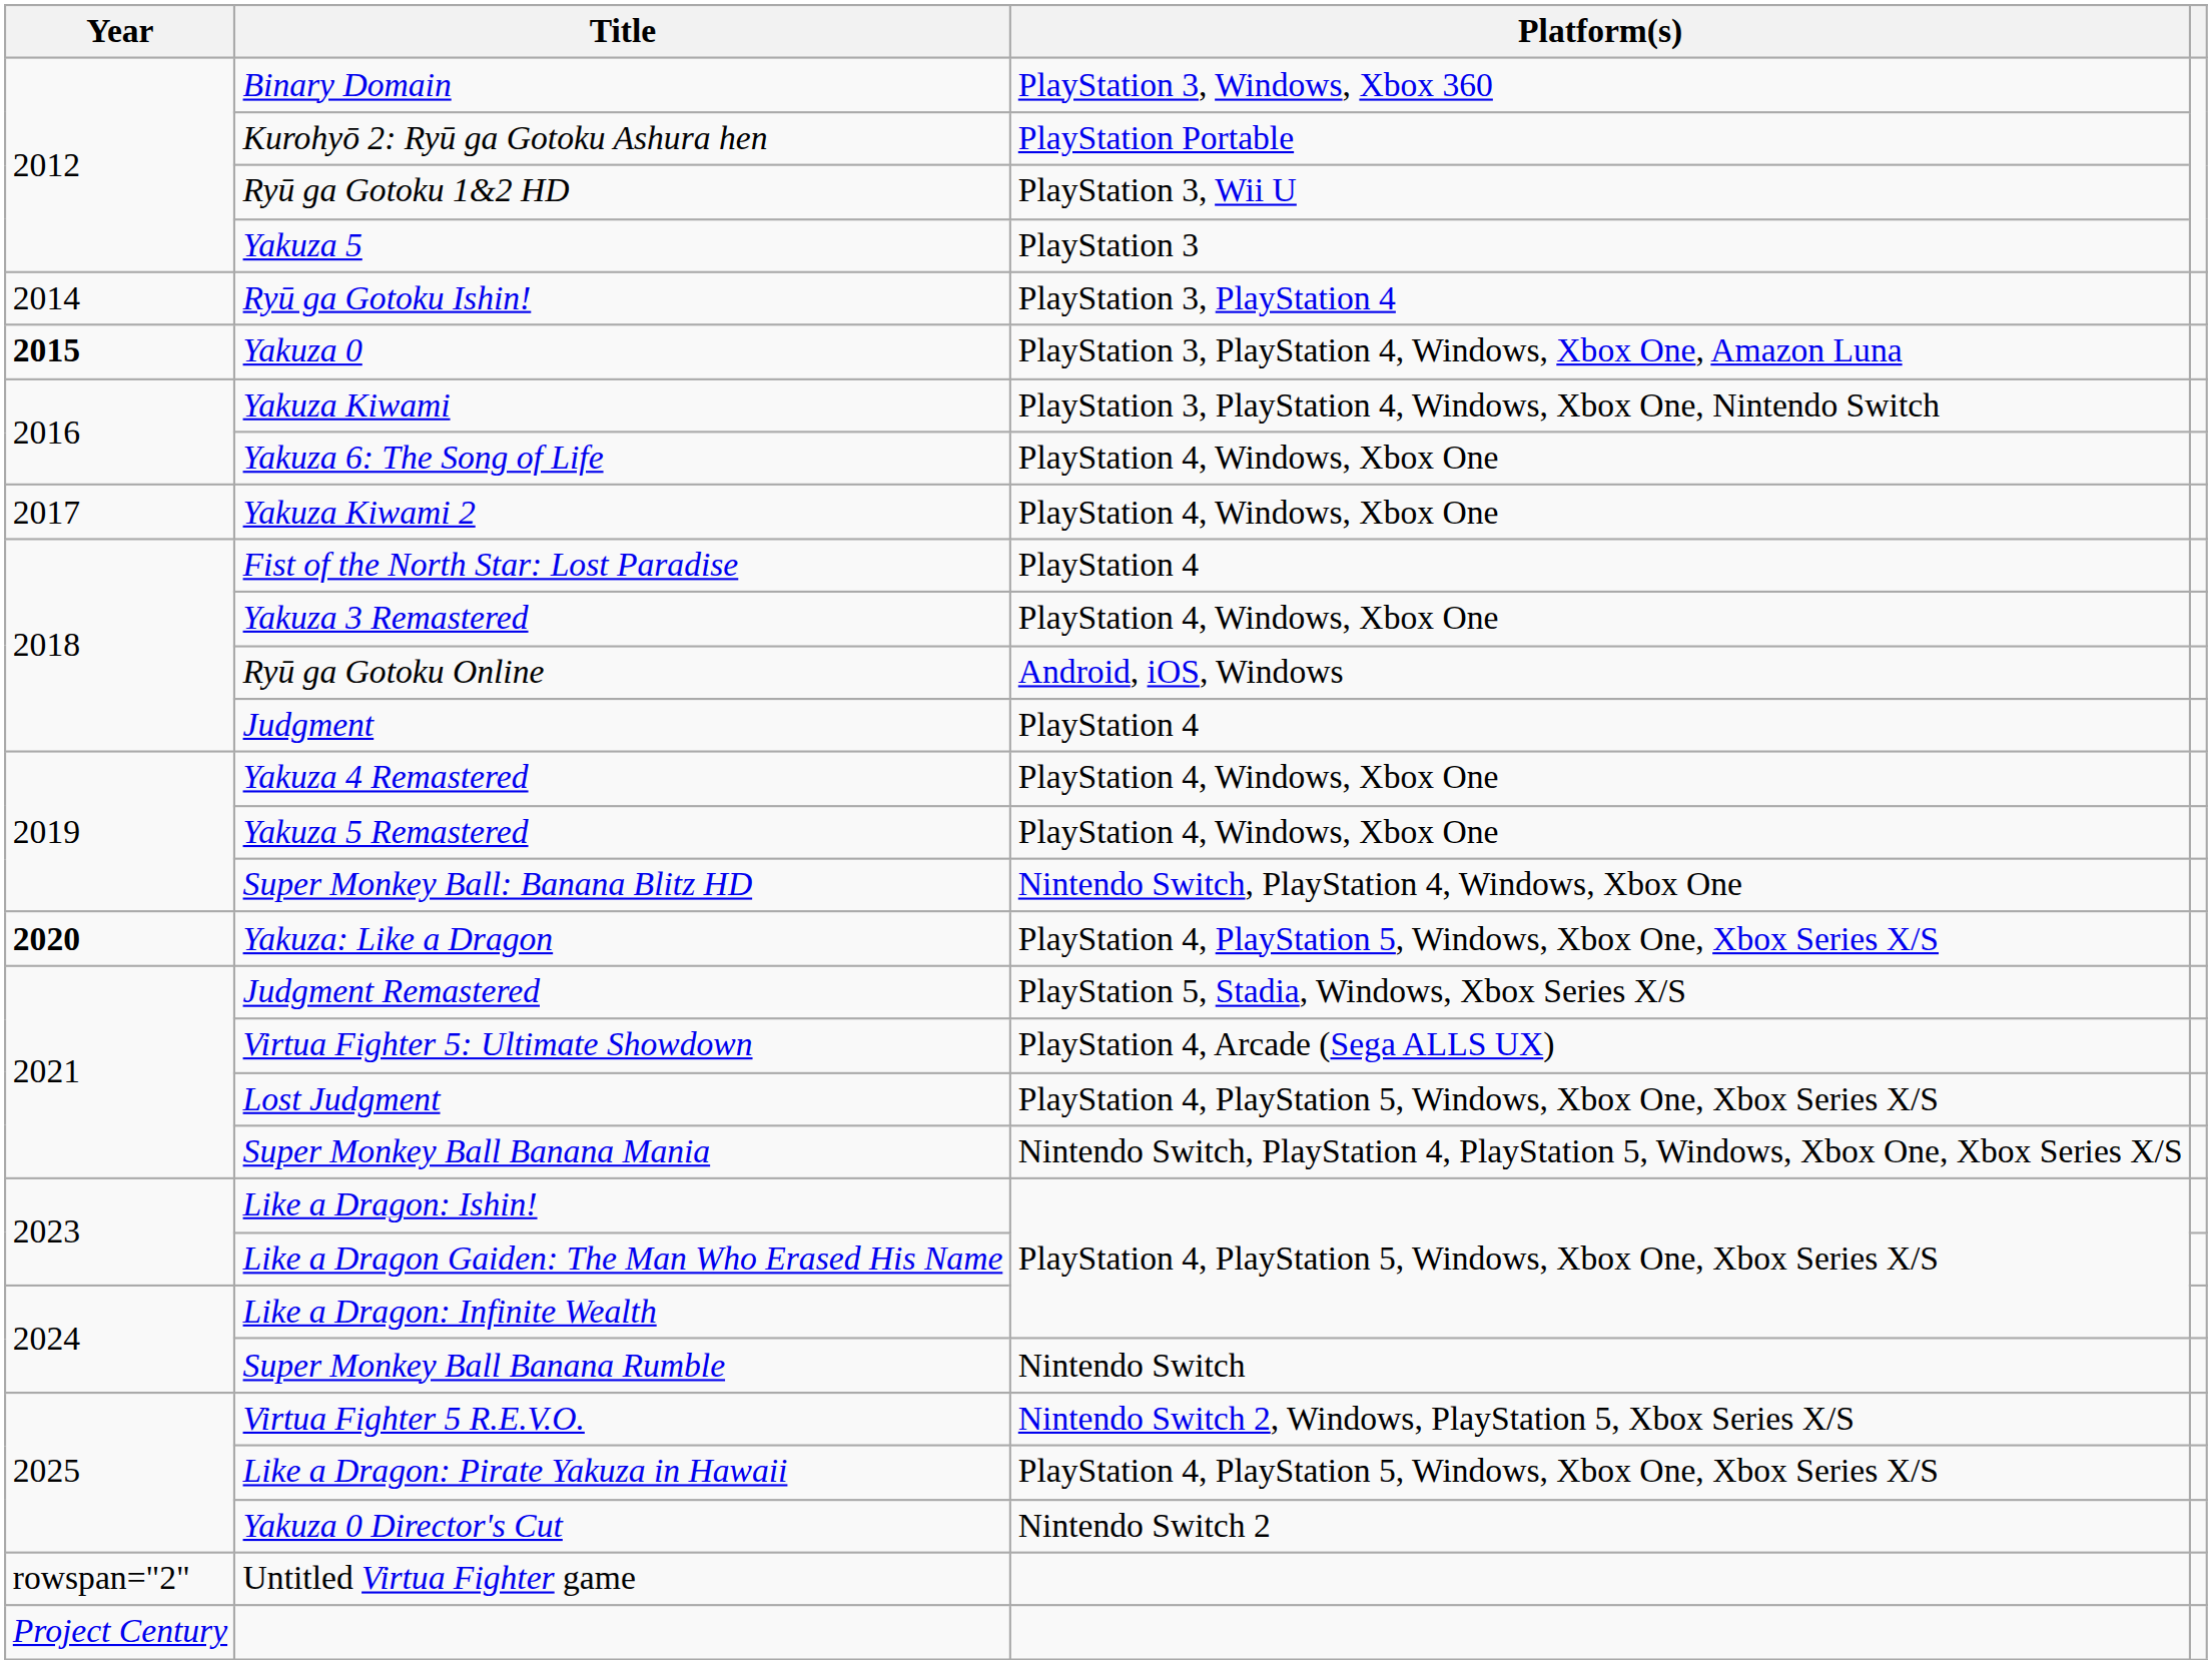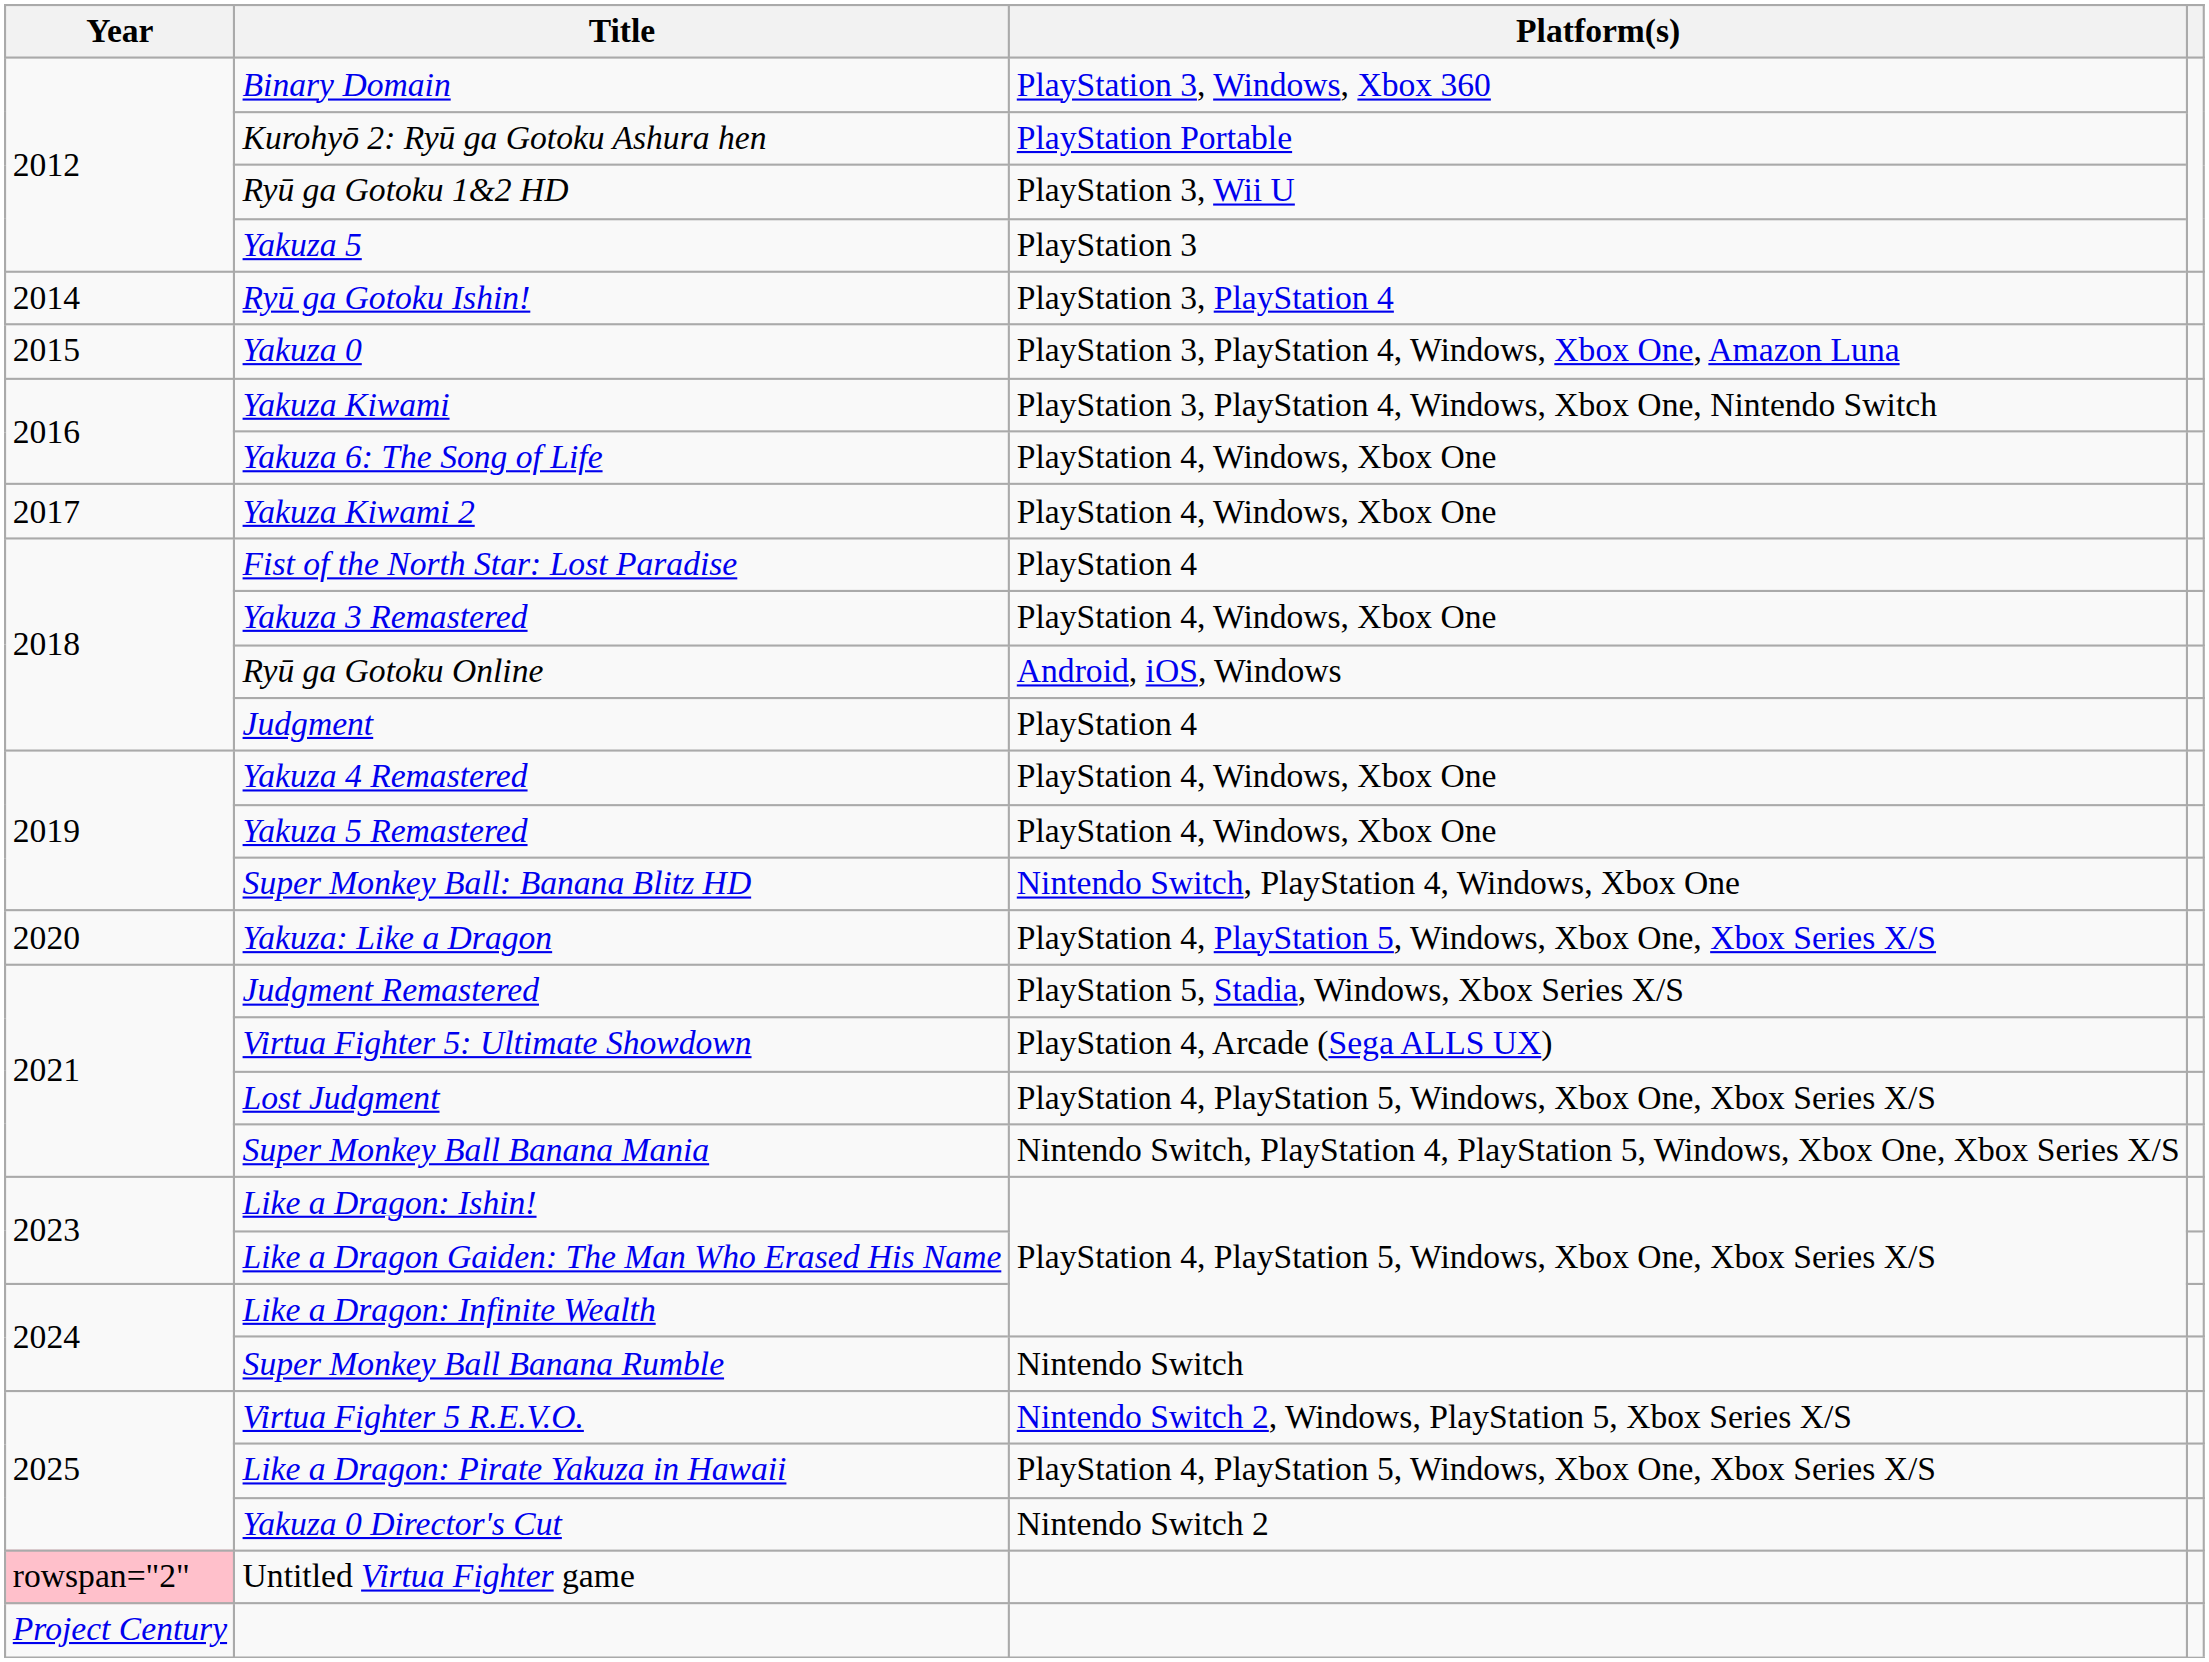 <table class="wikitable sortable">
 <tr>
 <th>Year</th>
 <th>Title</th>
 <th>Platform(s)</th>
 <th class="unsortable"></th>
 </tr>
 <tr>
 <td rowspan="4">2012</td>
 <td><em><a href='#'>Binary Domain</a></em></td>
 <td><a href='#'>PlayStation 3</a>, <a href='#'>Windows</a>, <a href='#'>Xbox 360</a></td>
 <td rowspan="4"></td>
 </tr>
 <tr>
 <td><em>Kurohyō 2: Ryū ga Gotoku Ashura hen</em></td>
 <td><a href='#'>PlayStation Portable</a></td>
 </tr>
 <tr>
 <td><em>Ryū ga Gotoku 1&2 HD</em></td>
 <td>PlayStation 3, <a href='#'>Wii U</a></td>
 </tr>
 <tr>
 <td><em><a href='#'>Yakuza 5</a></em></td>
 <td>PlayStation 3</td>
 </tr>
 <tr>
 <td>2014</td>
 <td><em><a href='#'>Ryū ga Gotoku Ishin!</a></em></td>
 <td>PlayStation 3, <a href='#'>PlayStation 4</a></td>
 <td></td>
 </tr>
 <tr>
-<td><strong>2015</strong></td>
+<td>2015</td>
 <td><em><a href='#'>Yakuza 0</a></em></td>
 <td>PlayStation 3, PlayStation 4, Windows, <a href='#'>Xbox One</a>, <a href='#'>Amazon Luna</a></td>
 <td></td>
 </tr>
 <tr>
 <td rowspan="2">2016</td>
 <td><em><a href='#'>Yakuza Kiwami</a></em></td>
 <td>PlayStation 3, PlayStation 4, Windows, Xbox One, Nintendo Switch</td>
 <td></td>
 </tr>
 <tr>
 <td><em><a href='#'>Yakuza 6: The Song of Life</a></em></td>
 <td>PlayStation 4, Windows, Xbox One</td>
 <td></td>
 </tr>
 <tr>
 <td>2017</td>
 <td><em><a href='#'>Yakuza Kiwami 2</a></em></td>
 <td>PlayStation 4, Windows, Xbox One</td>
 <td></td>
 </tr>
 <tr>
 <td rowspan="4">2018</td>
 <td><em><a href='#'>Fist of the North Star: Lost Paradise</a></em></td>
 <td>PlayStation 4</td>
 <td></td>
 </tr>
 <tr>
 <td><em><a href='#'>Yakuza 3 Remastered</a></em></td>
 <td>PlayStation 4, Windows, Xbox One</td>
 <td></td>
 </tr>
 <tr>
 <td><em>Ryū ga Gotoku Online</em></td>
 <td><a href='#'>Android</a>, <a href='#'>iOS</a>, Windows</td>
 <td></td>
 </tr>
 <tr>
 <td><em><a href='#'>Judgment</a></em></td>
 <td>PlayStation 4</td>
 <td></td>
 </tr>
 <tr>
 <td rowspan="3">2019</td>
 <td><em><a href='#'>Yakuza 4 Remastered</a></em></td>
 <td>PlayStation 4, Windows, Xbox One</td>
 <td></td>
 </tr>
 <tr>
 <td><em><a href='#'>Yakuza 5 Remastered</a></em></td>
 <td>PlayStation 4, Windows, Xbox One</td>
 <td></td>
 </tr>
 <tr>
 <td><em><a href='#'>Super Monkey Ball: Banana Blitz HD</a></em></td>
 <td><a href='#'>Nintendo Switch</a>, PlayStation 4, Windows, Xbox One</td>
 <td></td>
 </tr>
 <tr>
-<td><strong>2020</strong></td>
+<td>2020</td>
 <td><em><a href='#'>Yakuza: Like a Dragon</a></em></td>
 <td>PlayStation 4, <a href='#'>PlayStation 5</a>, Windows, Xbox One, <a href='#'>Xbox Series X/S</a></td>
 <td></td>
 </tr>
 <tr>
 <td rowspan="4">2021</td>
 <td><em><a href='#'>Judgment Remastered</a></em></td>
 <td>PlayStation 5, <a href='#'>Stadia</a>, Windows, Xbox Series X/S</td>
 <td></td>
 </tr>
 <tr>
 <td><em><a href='#'>Virtua Fighter 5: Ultimate Showdown</a></em></td>
 <td>PlayStation 4, Arcade (<a href='#'>Sega ALLS UX</a>)</td>
 <td></td>
 </tr>
 <tr>
 <td><em><a href='#'>Lost Judgment</a></em></td>
 <td>PlayStation 4, PlayStation 5, Windows, Xbox One, Xbox Series X/S</td>
 <td></td>
 </tr>
 <tr>
 <td><em><a href='#'>Super Monkey Ball Banana Mania</a></em></td>
 <td>Nintendo Switch, PlayStation 4, PlayStation 5, Windows, Xbox One, Xbox Series X/S</td>
 <td></td>
 </tr>
 <tr>
 <td rowspan="2">2023</td>
 <td><em><a href='#'>Like a Dragon: Ishin!</a></em></td>
 <td rowspan="3">PlayStation 4, PlayStation 5, Windows, Xbox One, Xbox Series X/S</td>
 <td></td>
 </tr>
 <tr>
 <td><em><a href='#'>Like a Dragon Gaiden: The Man Who Erased His Name</a></em></td>
 <td></td>
 </tr>
 <tr>
 <td rowspan="2">2024</td>
 <td><em><a href='#'>Like a Dragon: Infinite Wealth</a></em></td>
 <td></td>
 </tr>
 <tr>
 <td><em><a href='#'>Super Monkey Ball Banana Rumble</a></em></td>
 <td>Nintendo Switch</td>
 <td></td>
 </tr>
 <tr>
 <td rowspan="3">2025</td>
 <td><em><a href='#'>Virtua Fighter 5 R.E.V.O.</a></em></td>
 <td><a href='#'>Nintendo Switch 2</a>, Windows, PlayStation 5, Xbox Series X/S</td>
 <td></td>
 </tr>
 <tr>
 <td><em><a href='#'>Like a Dragon: Pirate Yakuza in Hawaii</a></em></td>
 <td>PlayStation 4, PlayStation 5, Windows, Xbox One, Xbox Series X/S</td>
 <td></td>
 </tr>
 <tr>
 <td><a href='#'><em>Yakuza 0 Director's Cut</em></a></td>
 <td>Nintendo Switch 2</td>
 <td></td>
 </tr>
 <tr>
-<td>rowspan="2" </td>
+<td style="background: pink;">rowspan="2" </td>
 <td>Untitled <em><a href='#'>Virtua Fighter</a></em> game</td>
 <td></td>
 <td></td>
 </tr>
 <tr>
 <td><em><a href='#'>Project Century</a></em></td>
 <td></td>
 <td></td>
 </tr>
 <tr>
 </tr>
 </table>
